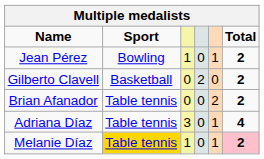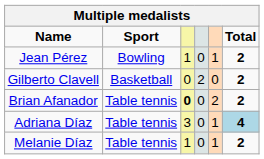 <table class=wikitable style="font-size:85%; float:right;text-align:center">
 <tr bgcolor=EFEFEF>
 <th colspan=7><strong>Multiple medalists</strong></th>
 </tr>
 <tr>
 <td><strong>Name</strong></td>
 <td><strong>Sport</strong></td>
 <td bgcolor=F7F6A8></td>
 <td bgcolor=DCE5E5></td>
 <td bgcolor=FFDAB9></td>
 <td><strong>Total</strong></td>
 </tr>
 <tr>
 <td><a href='#'>Jean Pérez</a></td>
 <td><a href='#'>Bowling</a></td>
 <td bgcolor=F7F6A8>1</td>
 <td bgcolor=DCE5E5>0</td>
 <td bgcolor=FFDAB9>1</td>
 <td><strong>2</strong></td>
 </tr>
 <tr>
 <td><a href='#'>Gilberto Clavell</a></td>
 <td><a href='#'>Basketball</a></td>
 <td bgcolor=F7F6A8>0</td>
 <td bgcolor=DCE5E5>2</td>
 <td bgcolor=FFDAB9>0</td>
 <td><strong>2</strong></td>
 </tr>
 <tr>
 <td><a href='#'>Brian Afanador</a></td>
 <td><a href='#'>Table tennis</a></td>
-<td bgcolor=F7F6A8>0</td>
+<td bgcolor=F7F6A8><strong>0</strong></td>
 <td bgcolor=DCE5E5>0</td>
 <td bgcolor=FFDAB9>2</td>
 <td><strong>2</strong></td>
 </tr>
 <tr>
 <td><a href='#'>Adriana Díaz</a></td>
 <td><a href='#'>Table tennis</a></td>
 <td bgcolor=F7F6A8>3</td>
 <td bgcolor=DCE5E5>0</td>
 <td bgcolor=FFDAB9>1</td>
-<td><strong>4</strong></td>
+<td style="background: lightblue;"><strong>4</strong></td>
 </tr>
 <tr>
 <td><a href='#'>Melanie Díaz</a></td>
-<td style="background: gold;"><a href='#'>Table tennis</a></td>
+<td><a href='#'>Table tennis</a></td>
 <td bgcolor=F7F6A8>1</td>
 <td bgcolor=DCE5E5>0</td>
 <td bgcolor=FFDAB9>1</td>
-<td style="background: pink;"><strong>2</strong></td>
+<td><strong>2</strong></td>
 </tr>
 </table>
